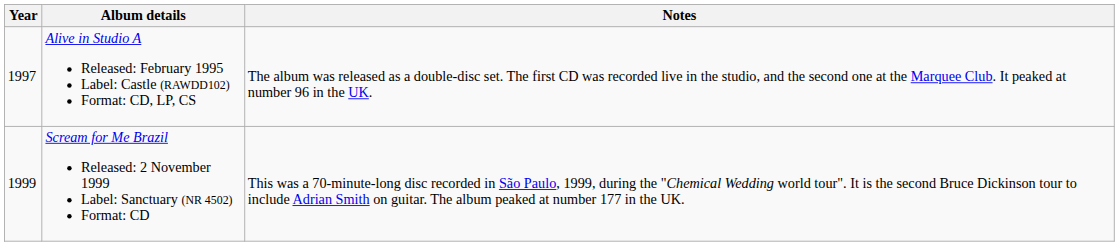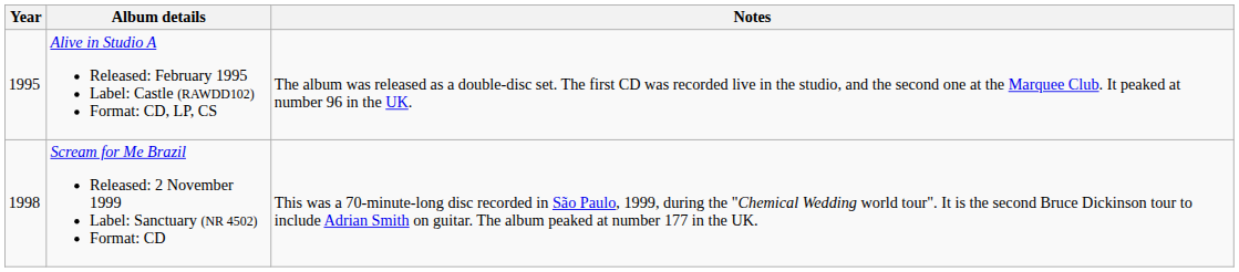 <table class="wikitable" border="1">
 <tr>
 <th width="35">Year</th>
 <th width="220">Album details</th>
 <th>Notes</th>
 </tr>
 <tr>
-<td>1997</td>
+<td>1995</td>
 <td><em><a href='#'>Alive in Studio A</a></em><br><ul><li>Released: February 1995</li><li>Label: Castle <small>(RAWDD102)</small></li><li>Format: CD, LP, CS</li></ul></td>
 <td><br>The album was released as a double-disc set. The first CD was recorded live in the studio, and the second one at the <a href='#'>Marquee Club</a>. It peaked at number 96 in the <a href='#'>UK</a>.</td>
 </tr>
 <tr>
-<td>1999</td>
+<td>1998</td>
 <td><em><a href='#'>Scream for Me Brazil</a></em><br><ul><li>Released: 2 November 1999</li><li>Label: Sanctuary <small>(NR 4502)</small></li><li>Format: CD</li></ul></td>
 <td><br>This was a 70-minute-long disc recorded in <a href='#'>São Paulo</a>, 1999, during the "<em>Chemical Wedding</em> world tour". It is the second Bruce Dickinson tour to include <a href='#'>Adrian Smith</a> on guitar. The album peaked at number 177 in the UK.</td>
 </tr>
 </table>
